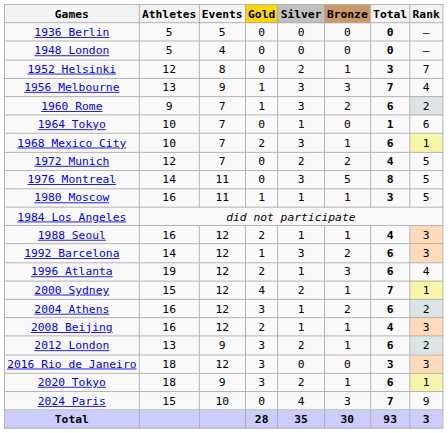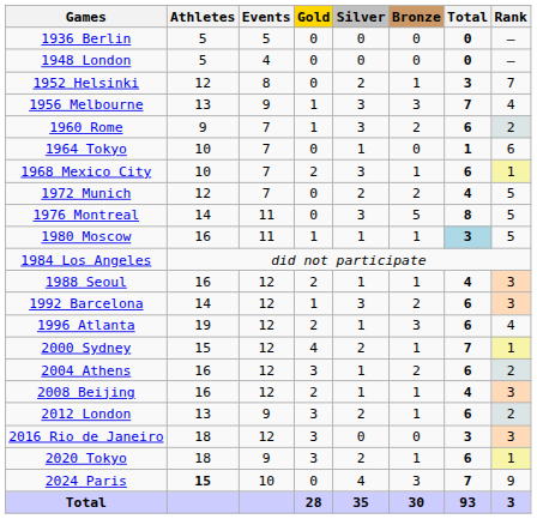 <table class="wikitable sortable collapsible collapsed">
 <tr>
 <th>Games</th>
 <th>Athletes</th>
 <th>Events</th>
 <th style="text-align:center; background-color:gold;">Gold</th>
 <th style="text-align:center; background-color:silver;">Silver</th>
 <th style="text-align:center; background-color:#c96;">Bronze</th>
 <th>Total</th>
 <th>Rank</th>
 </tr>
 <tr align=center>
 <td><a href='#'>1936 Berlin</a></td>
 <td>5</td>
 <td>5</td>
 <td>0</td>
 <td>0</td>
 <td>0</td>
 <td><strong>0</strong></td>
 <td>–</td>
 </tr>
 <tr align=center>
 <td><a href='#'>1948 London</a></td>
 <td>5</td>
 <td>4</td>
 <td>0</td>
 <td>0</td>
 <td>0</td>
 <td><strong>0</strong></td>
 <td>–</td>
 </tr>
 <tr align=center>
 <td><a href='#'>1952 Helsinki</a></td>
 <td>12</td>
 <td>8</td>
 <td>0</td>
 <td>2</td>
 <td>1</td>
 <td><strong>3</strong></td>
 <td>7</td>
 </tr>
 <tr align=center>
 <td><a href='#'>1956 Melbourne</a></td>
 <td>13</td>
 <td>9</td>
 <td>1</td>
 <td>3</td>
 <td>3</td>
 <td><strong>7</strong></td>
 <td>4</td>
 </tr>
 <tr align=center>
 <td><a href='#'>1960 Rome</a></td>
 <td>9</td>
 <td>7</td>
 <td>1</td>
 <td>3</td>
 <td>2</td>
 <td><strong>6</strong></td>
 <td bgcolor=dce5e5>2</td>
 </tr>
 <tr align=center>
 <td><a href='#'>1964 Tokyo</a></td>
 <td>10</td>
 <td>7</td>
 <td>0</td>
 <td>1</td>
 <td>0</td>
 <td><strong>1</strong></td>
 <td>6</td>
 </tr>
 <tr align=center>
 <td><a href='#'>1968 Mexico City</a></td>
 <td>10</td>
 <td>7</td>
 <td>2</td>
 <td>3</td>
 <td>1</td>
 <td><strong>6</strong></td>
 <td bgcolor=f7f6a8>1</td>
 </tr>
 <tr align=center>
 <td><a href='#'>1972 Munich</a></td>
 <td>12</td>
 <td>7</td>
 <td>0</td>
 <td>2</td>
 <td>2</td>
 <td><strong>4</strong></td>
 <td>5</td>
 </tr>
 <tr align=center>
 <td><a href='#'>1976 Montreal</a></td>
 <td>14</td>
 <td>11</td>
 <td>0</td>
 <td>3</td>
 <td>5</td>
 <td><strong>8</strong></td>
 <td>5</td>
 </tr>
 <tr align=center>
 <td><a href='#'>1980 Moscow</a></td>
 <td>16</td>
 <td>11</td>
 <td>1</td>
 <td>1</td>
 <td>1</td>
-<td><strong>3</strong></td>
+<td style="background: lightblue;"><strong>3</strong></td>
 <td>5</td>
 </tr>
 <tr align=center>
 <td><a href='#'>1984 Los Angeles</a></td>
 <td colspan=7><em>did not participate</em></td>
 </tr>
 <tr align=center>
 <td><a href='#'>1988 Seoul</a></td>
 <td>16</td>
 <td>12</td>
 <td>2</td>
 <td>1</td>
 <td>1</td>
 <td><strong>4</strong></td>
 <td bgcolor=ffdab9>3</td>
 </tr>
 <tr align=center>
 <td><a href='#'>1992 Barcelona</a></td>
 <td>14</td>
 <td>12</td>
 <td>1</td>
 <td>3</td>
 <td>2</td>
 <td><strong>6</strong></td>
 <td bgcolor=ffdab9>3</td>
 </tr>
 <tr align=center>
 <td><a href='#'>1996 Atlanta</a></td>
 <td>19</td>
 <td>12</td>
 <td>2</td>
 <td>1</td>
 <td>3</td>
 <td><strong>6</strong></td>
 <td>4</td>
 </tr>
 <tr align=center>
 <td><a href='#'>2000 Sydney</a></td>
 <td>15</td>
 <td>12</td>
 <td>4</td>
 <td>2</td>
 <td>1</td>
 <td><strong>7</strong></td>
 <td bgcolor=f7f6a8>1</td>
 </tr>
 <tr align=center>
 <td><a href='#'>2004 Athens</a></td>
 <td>16</td>
 <td>12</td>
 <td>3</td>
 <td>1</td>
 <td>2</td>
 <td><strong>6</strong></td>
 <td bgcolor=dce5e5>2</td>
 </tr>
 <tr align=center>
 <td><a href='#'>2008 Beijing</a></td>
 <td>16</td>
 <td>12</td>
 <td>2</td>
 <td>1</td>
 <td>1</td>
 <td><strong>4</strong></td>
 <td bgcolor=ffdab9>3</td>
 </tr>
 <tr align=center>
 <td><a href='#'>2012 London</a></td>
 <td>13</td>
 <td>9</td>
 <td>3</td>
 <td>2</td>
 <td>1</td>
 <td><strong>6</strong></td>
 <td bgcolor=dce5e5>2</td>
 </tr>
 <tr align=center>
 <td><a href='#'>2016 Rio de Janeiro</a></td>
 <td>18</td>
 <td>12</td>
 <td>3</td>
 <td>0</td>
 <td>0</td>
 <td><strong>3</strong></td>
 <td bgcolor=ffdab9>3</td>
 </tr>
 <tr align=center>
 <td><a href='#'>2020 Tokyo</a></td>
 <td>18</td>
 <td>9</td>
 <td>3</td>
 <td>2</td>
 <td>1</td>
 <td><strong>6</strong></td>
 <td bgcolor=f7f6a8>1</td>
 </tr>
 <tr align=center>
 <td><a href='#'>2024 Paris</a></td>
-<td>15</td>
+<td><strong>15</strong></td>
 <td>10</td>
 <td>0</td>
 <td>4</td>
 <td>3</td>
 <td><strong>7</strong></td>
 <td>9</td>
 </tr>
 <tr style="text-align:center; background-color:#ccf;">
 <td><strong>Total</strong></td>
 <td></td>
 <td></td>
 <td><strong>28</strong></td>
 <td><strong>35</strong></td>
 <td><strong>30</strong></td>
 <td><strong>93</strong></td>
 <td><strong>3</strong></td>
 </tr>
 </table>
